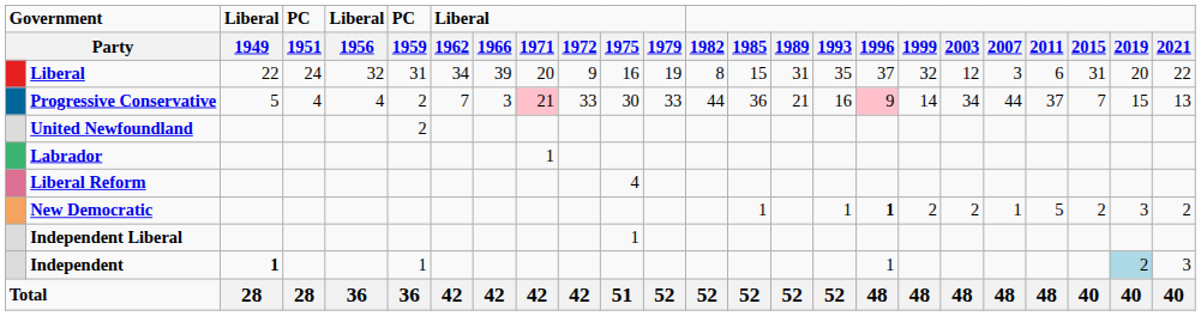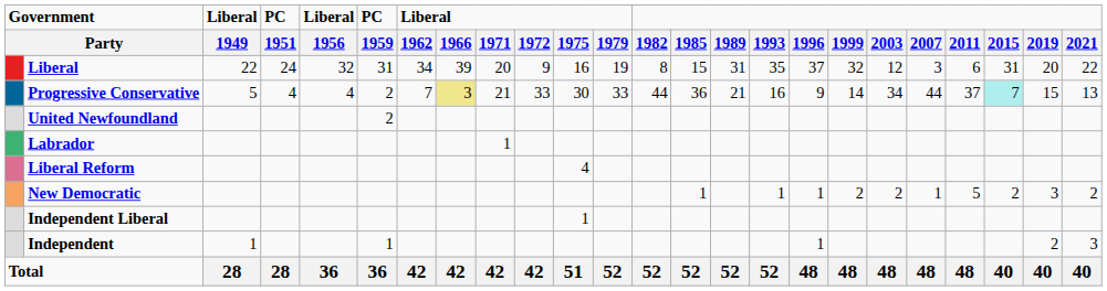 <table class="wikitable">
 <tr>
 <td colspan = "2"><strong>Government</strong></td>
 <td><strong>Liberal</strong></td>
 <td><strong>PC</strong></td>
 <td><strong>Liberal</strong></td>
 <td><strong>PC</strong></td>
 <td colspan="6" ><strong>Liberal</strong></td>
 </tr>
 <tr>
 <th colspan = "2">Party</th>
 <th><a href='#'>1949</a></th>
 <th><a href='#'>1951</a></th>
 <th><a href='#'>1956</a></th>
 <th><a href='#'>1959</a></th>
 <th><a href='#'>1962</a></th>
 <th><a href='#'>1966</a></th>
 <th><a href='#'>1971</a></th>
 <th><a href='#'>1972</a></th>
 <th><a href='#'>1975</a></th>
 <th><a href='#'>1979</a></th>
 <th><a href='#'>1982</a></th>
 <th><a href='#'>1985</a></th>
 <th><a href='#'>1989</a></th>
 <th><a href='#'>1993</a></th>
 <th><a href='#'>1996</a></th>
 <th><a href='#'>1999</a></th>
 <th><a href='#'>2003</a></th>
 <th><a href='#'>2007</a></th>
 <th><a href='#'>2011</a></th>
 <th><a href='#'>2015</a></th>
 <th><a href='#'>2019</a></th>
 <th><a href='#'>2021</a></th>
 </tr>
 <tr align = "right">
 <td bgcolor="#E62020">   </td>
 <td align="left"><strong><a href='#'>Liberal</a></strong></td>
 <td>22</td>
 <td>24</td>
 <td>32</td>
 <td>31</td>
 <td>34</td>
 <td>39</td>
 <td>20</td>
 <td>9</td>
 <td>16</td>
 <td>19</td>
 <td>8</td>
 <td>15</td>
 <td>31</td>
 <td>35</td>
 <td>37</td>
 <td>32</td>
 <td>12</td>
 <td>3</td>
 <td>6</td>
 <td>31</td>
 <td>20</td>
 <td>22</td>
 </tr>
 <tr align = "right">
 <td bgcolor="#006699">   </td>
 <td align="left"><strong><a href='#'>Progressive Conservative</a></strong></td>
 <td>5</td>
 <td>4</td>
 <td>4</td>
 <td>2</td>
 <td>7</td>
-<td>3</td>
-<td style="background: pink;">21</td>
+<td style="background: khaki;">3</td>
+<td>21</td>
 <td>33</td>
 <td>30</td>
 <td>33</td>
 <td>44</td>
 <td>36</td>
 <td>21</td>
 <td>16</td>
-<td style="background: pink;">9</td>
+<td>9</td>
 <td>14</td>
 <td>34</td>
 <td>44</td>
 <td>37</td>
-<td>7</td>
+<td style="background: paleturquoise;">7</td>
 <td>15</td>
 <td>13</td>
 </tr>
 <tr align = "right">
 <td bgcolor="#DCDCDC">   </td>
 <td align="left"><strong><a href='#'>United Newfoundland</a></strong></td>
 <td></td>
 <td></td>
 <td></td>
 <td>2</td>
 <td></td>
 <td></td>
 <td></td>
 <td></td>
 <td></td>
 <td></td>
 <td></td>
 <td></td>
 <td></td>
 <td></td>
 <td></td>
 <td></td>
 <td></td>
 <td></td>
 <td></td>
 <td></td>
 <td></td>
 <td></td>
 </tr>
 <tr align = "right">
 <td bgcolor="#3CB371">   </td>
 <td align="left"><strong><a href='#'>Labrador</a></strong></td>
 <td></td>
 <td></td>
 <td></td>
 <td></td>
 <td></td>
 <td></td>
 <td>1</td>
 <td></td>
 <td></td>
 <td></td>
 <td></td>
 <td></td>
 <td></td>
 <td></td>
 <td></td>
 <td></td>
 <td></td>
 <td></td>
 <td></td>
 <td></td>
 <td></td>
 <td></td>
 </tr>
 <tr align = "right">
 <td bgcolor="palevioletred">   </td>
 <td align="left"><strong><a href='#'>Liberal Reform</a></strong></td>
 <td></td>
 <td></td>
 <td></td>
 <td></td>
 <td></td>
 <td></td>
 <td></td>
 <td></td>
 <td>4</td>
 <td></td>
 <td></td>
 <td></td>
 <td></td>
 <td></td>
 <td></td>
 <td></td>
 <td></td>
 <td></td>
 <td></td>
 <td></td>
 <td></td>
 <td></td>
 </tr>
 <tr align = "right">
 <td bgcolor="#F4A460">   </td>
 <td align="left"><strong><a href='#'>New Democratic</a></strong></td>
 <td></td>
 <td></td>
 <td></td>
 <td></td>
 <td></td>
 <td></td>
 <td></td>
 <td></td>
 <td></td>
 <td></td>
 <td></td>
 <td>1</td>
 <td></td>
 <td>1</td>
-<td><strong>1</strong></td>
+<td>1</td>
 <td>2</td>
 <td>2</td>
 <td>1</td>
 <td>5</td>
 <td>2</td>
 <td>3</td>
 <td>2</td>
 </tr>
 <tr align = "right">
 <td bgcolor="#DCDCDC">   </td>
 <td align="left"><strong>Independent Liberal</strong></td>
 <td></td>
 <td></td>
 <td></td>
 <td></td>
 <td></td>
 <td></td>
 <td></td>
 <td></td>
 <td>1</td>
 <td></td>
 <td></td>
 <td></td>
 <td></td>
 <td></td>
 <td></td>
 <td></td>
 <td></td>
 <td></td>
 <td></td>
 <td></td>
 <td></td>
 <td></td>
 </tr>
 <tr align = "right">
 <td bgcolor="#DCDCDC">   </td>
 <td align="left"><strong>Independent</strong></td>
-<td><strong>1</strong></td>
+<td>1</td>
 <td></td>
 <td></td>
 <td>1</td>
 <td></td>
 <td></td>
 <td></td>
 <td></td>
 <td></td>
 <td></td>
 <td></td>
 <td></td>
 <td></td>
 <td></td>
 <td>1</td>
 <td></td>
 <td></td>
 <td></td>
 <td></td>
 <td></td>
-<td style="background: lightblue;">2</td>
+<td>2</td>
 <td>3</td>
 </tr>
 <tr align = "right">
 <td colspan = "2" align="left"><strong>Total</strong></td>
 <th><strong><big>28</big></strong></th>
 <th><strong><big>28</big></strong></th>
 <th><strong><big>36</big></strong></th>
 <th><strong><big>36</big></strong></th>
 <th><strong><big>42</big></strong></th>
 <th><strong><big>42</big></strong></th>
 <th><strong><big>42</big></strong></th>
 <th><strong><big>42</big></strong></th>
 <th><strong><big>51</big></strong></th>
 <th><strong><big>52</big></strong></th>
 <th><strong><big>52</big></strong></th>
 <th><strong><big>52</big></strong></th>
 <th><strong><big>52</big></strong></th>
 <th><strong><big>52</big></strong></th>
 <th><strong><big>48</big></strong></th>
 <th><strong><big>48</big></strong></th>
 <th><strong><big>48</big></strong></th>
 <th><strong><big>48</big></strong></th>
 <th><strong><big>48</big></strong></th>
 <th><strong><big>40</big></strong></th>
 <th><strong><big>40</big></strong></th>
 <th><strong><big>40</big></strong></th>
 </tr>
 </table>
